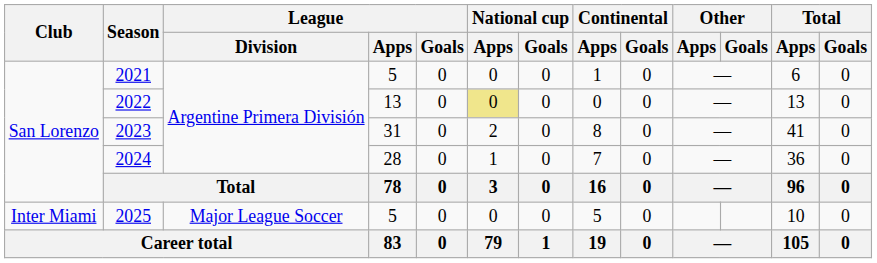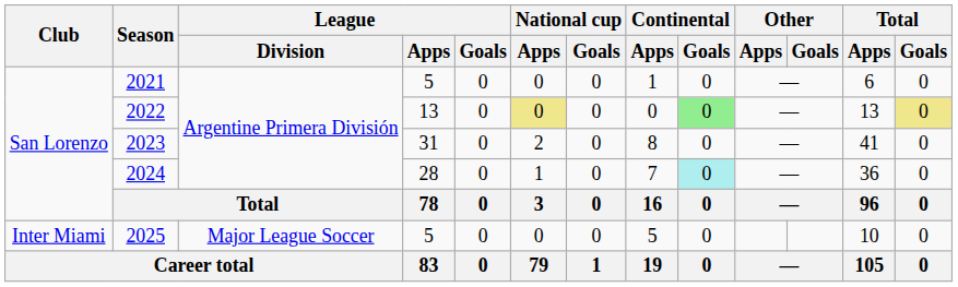 <table class="wikitable" style="text-align:center">
 <tr>
 <th rowspan="2">Club</th>
 <th rowspan="2">Season</th>
 <th colspan="3">League</th>
 <th colspan="2">National cup</th>
 <th colspan="2">Continental</th>
 <th colspan="2">Other</th>
 <th colspan="2">Total</th>
 </tr>
 <tr>
 <th>Division</th>
 <th>Apps</th>
 <th>Goals</th>
 <th>Apps</th>
 <th>Goals</th>
 <th>Apps</th>
 <th>Goals</th>
 <th>Apps</th>
 <th>Goals</th>
 <th>Apps</th>
 <th>Goals</th>
 </tr>
 <tr>
 <td rowspan="5"><a href='#'>San Lorenzo</a></td>
 <td><a href='#'>2021</a></td>
 <td rowspan="4"><a href='#'>Argentine Primera División</a></td>
 <td>5</td>
 <td>0</td>
 <td>0</td>
 <td>0</td>
 <td>1</td>
 <td>0</td>
 <td colspan="2">—</td>
 <td>6</td>
 <td>0</td>
 </tr>
 <tr>
 <td><a href='#'>2022</a></td>
 <td>13</td>
 <td>0</td>
 <td style="background: khaki;">0</td>
 <td>0</td>
 <td>0</td>
-<td>0</td>
+<td style="background: lightgreen;">0</td>
 <td colspan="2">—</td>
 <td>13</td>
-<td>0</td>
+<td style="background: khaki;">0</td>
 </tr>
 <tr>
 <td><a href='#'>2023</a></td>
 <td>31</td>
 <td>0</td>
 <td>2</td>
 <td>0</td>
 <td>8</td>
 <td>0</td>
 <td colspan="2">—</td>
 <td>41</td>
 <td>0</td>
 </tr>
 <tr>
 <td><a href='#'>2024</a></td>
 <td>28</td>
 <td>0</td>
 <td>1</td>
 <td>0</td>
 <td>7</td>
-<td>0</td>
+<td style="background: paleturquoise;">0</td>
 <td colspan="2">—</td>
 <td>36</td>
 <td>0</td>
 </tr>
 <tr>
 <th colspan="2">Total</th>
 <th>78</th>
 <th>0</th>
 <th>3</th>
 <th>0</th>
 <th>16</th>
 <th>0</th>
 <th colspan="2">—</th>
 <th>96</th>
 <th>0</th>
 </tr>
 <tr>
 <td><a href='#'>Inter Miami</a></td>
 <td><a href='#'>2025</a></td>
 <td><a href='#'>Major League Soccer</a></td>
 <td>5</td>
 <td>0</td>
 <td>0</td>
 <td>0</td>
 <td>5</td>
 <td>0</td>
 <td></td>
 <td></td>
 <td>10</td>
 <td>0</td>
 </tr>
 <tr>
 <th colspan="3">Career total</th>
 <th>83</th>
 <th>0</th>
 <th>79</th>
 <th>1</th>
 <th>19</th>
 <th>0</th>
 <th colspan="2">—</th>
 <th>105</th>
 <th>0</th>
 </tr>
 </table>
